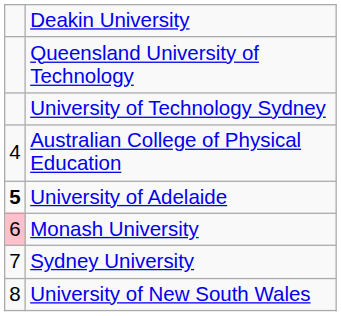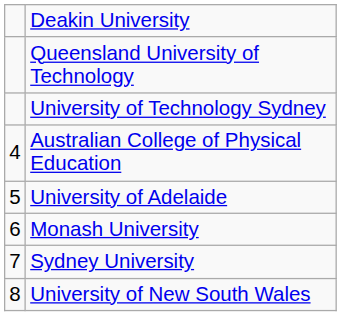 <table class="wikitable" style="width:260px;">
 <tr>
 <td align=center></td>
 <td><a href='#'>Deakin University</a></td>
 </tr>
 <tr>
 <td align=center></td>
 <td><a href='#'>Queensland University of Technology</a></td>
 </tr>
 <tr>
 <td align=center></td>
 <td><a href='#'>University of Technology Sydney</a></td>
 </tr>
 <tr>
 <td align=center>4</td>
 <td><a href='#'>Australian College of Physical Education</a></td>
 </tr>
 <tr>
-<td align=center><strong>5</strong></td>
+<td align=center>5</td>
 <td><a href='#'>University of Adelaide</a></td>
 </tr>
 <tr>
-<td align=center style="background: pink;">6</td>
+<td align=center>6</td>
 <td><a href='#'>Monash University</a></td>
 </tr>
 <tr>
 <td align=center>7</td>
 <td><a href='#'>Sydney University</a></td>
 </tr>
 <tr>
 <td align=center>8</td>
 <td><a href='#'>University of New South Wales</a></td>
 </tr>
 </table>
